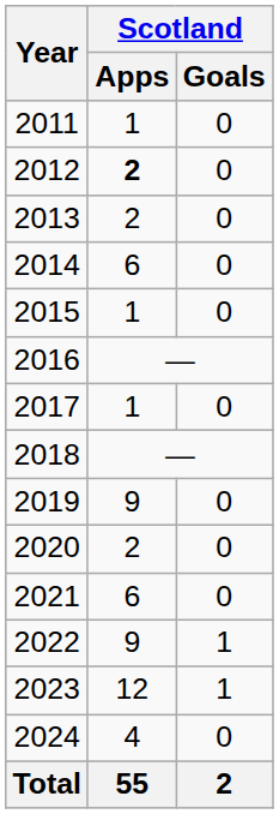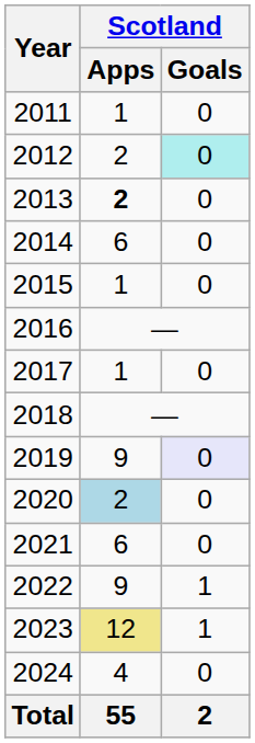 <table class="wikitable" style="text-align:center">
 <tr>
 <th rowspan=2>Year</th>
 <th colspan=2><a href='#'>Scotland</a></th>
 </tr>
 <tr>
 <th>Apps</th>
 <th>Goals</th>
 </tr>
 <tr>
 <td>2011</td>
 <td>1</td>
 <td>0</td>
 </tr>
 <tr>
 <td>2012</td>
-<td><strong>2</strong></td>
-<td>0</td>
+<td>2</td>
+<td style="background: paleturquoise;">0</td>
 </tr>
 <tr>
 <td>2013</td>
-<td>2</td>
+<td><strong>2</strong></td>
 <td>0</td>
 </tr>
 <tr>
 <td>2014</td>
 <td>6</td>
 <td>0</td>
 </tr>
 <tr>
 <td>2015</td>
 <td>1</td>
 <td>0</td>
 </tr>
 <tr>
 <td>2016</td>
 <td colspan=2>—</td>
 </tr>
 <tr>
 <td>2017</td>
 <td>1</td>
 <td>0</td>
 </tr>
 <tr>
 <td>2018</td>
 <td colspan=2>—</td>
 </tr>
 <tr>
 <td>2019</td>
 <td>9</td>
-<td>0</td>
+<td style="background: lavender;">0</td>
 </tr>
 <tr>
 <td>2020</td>
-<td>2</td>
+<td style="background: lightblue;">2</td>
 <td>0</td>
 </tr>
 <tr>
 <td>2021</td>
 <td>6</td>
 <td>0</td>
 </tr>
 <tr>
 <td>2022</td>
 <td>9</td>
 <td>1</td>
 </tr>
 <tr>
 <td>2023</td>
-<td>12</td>
+<td style="background: khaki;">12</td>
 <td>1</td>
 </tr>
 <tr>
 <td>2024</td>
 <td>4</td>
 <td>0</td>
 </tr>
 <tr>
 <th>Total</th>
 <th>55</th>
 <th>2</th>
 </tr>
 </table>
